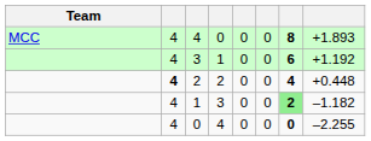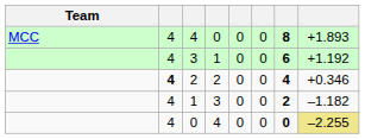 <table class="wikitable" style="text-align:center">
 <tr>
 <th style="width:175px;">Team</th>
 <th style="width:20px;"></th>
 <th style="width:20px;"></th>
 <th style="width:20px;"></th>
 <th style="width:20px;"></th>
 <th style="width:20px;"></th>
 <th style="width:20px;"></th>
 <th style="width:65px;"></th>
 </tr>
 <tr style="background:#cfc;">
 <td style="text-align:left"> <a href='#'>MCC</a></td>
 <td>4</td>
 <td>4</td>
 <td>0</td>
 <td>0</td>
 <td>0</td>
 <td><strong>8</strong></td>
 <td>+1.893</td>
 </tr>
 <tr style="background:#cfc;">
 <td style="text-align:left"></td>
 <td>4</td>
 <td>3</td>
 <td>1</td>
 <td>0</td>
 <td>0</td>
 <td><strong>6</strong></td>
 <td>+1.192</td>
 </tr>
 <tr>
 <td style="text-align:left"></td>
 <td><strong>4</strong></td>
 <td>2</td>
 <td>2</td>
 <td>0</td>
 <td>0</td>
 <td><strong>4</strong></td>
-<td>+0.448</td>
+<td>+0.346</td>
 </tr>
 <tr>
 <td style="text-align:left"></td>
 <td>4</td>
 <td>1</td>
 <td>3</td>
 <td>0</td>
 <td>0</td>
-<td style="background: lightgreen;"><strong>2</strong></td>
+<td><strong>2</strong></td>
 <td>–1.182</td>
 </tr>
 <tr>
 <td style="text-align:left"></td>
 <td>4</td>
 <td>0</td>
 <td>4</td>
 <td>0</td>
 <td>0</td>
 <td><strong>0</strong></td>
-<td>–2.255</td>
+<td style="background: khaki;">–2.255</td>
 </tr>
 </table>
